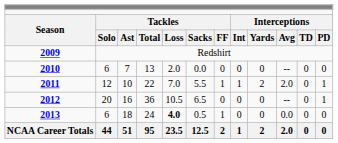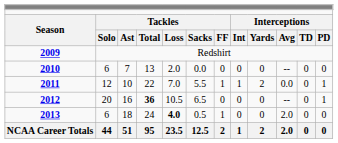 <table class=wikitable style="text-align:center;">
 <tr>
 <td ! colspan=15 style="background:gray; border:2px solid silver; color:white;"></td>
 </tr>
 <tr>
 <td ! colspan=15></td>
 </tr>
 <tr>
 <th rowspan=2>Season</th>
 <th colspan=6>Tackles</th>
 <th colspan=5>Interceptions</th>
 </tr>
 <tr>
 <th>Solo</th>
 <th>Ast</th>
 <th>Total</th>
 <th>Loss</th>
 <th>Sacks</th>
 <th>FF</th>
 <th>Int</th>
 <th>Yards</th>
 <th>Avg</th>
 <th>TD</th>
 <th>PD</th>
 </tr>
 <tr>
 <td><strong><a href='#'>2009</a></strong></td>
 <td colspan=14 style="text-align:center;">Redshirt</td>
 </tr>
 <tr>
 <td><strong><a href='#'>2010</a></strong></td>
 <td>6</td>
 <td>7</td>
 <td>13</td>
 <td>2.0</td>
 <td>0.0</td>
 <td>0</td>
 <td>0</td>
 <td>0</td>
 <td>--</td>
 <td>0</td>
 <td>0</td>
 </tr>
 <tr>
 <td><strong><a href='#'>2011</a></strong></td>
 <td>12</td>
 <td>10</td>
 <td>22</td>
 <td>7.0</td>
 <td>5.5</td>
 <td>1</td>
 <td>1</td>
 <td>2</td>
-<td>2.0</td>
+<td>0.0</td>
 <td>0</td>
 <td>1</td>
 </tr>
 <tr>
 <td><strong><a href='#'>2012</a></strong></td>
 <td>20</td>
 <td>16</td>
-<td>36</td>
+<td><strong>36</strong></td>
 <td>10.5</td>
 <td>6.5</td>
 <td>0</td>
 <td>0</td>
 <td>0</td>
 <td>--</td>
 <td>0</td>
 <td>1</td>
 </tr>
 <tr>
 <td><strong><a href='#'>2013</a></strong></td>
 <td>6</td>
 <td>18</td>
 <td>24</td>
 <td><strong>4.0</strong></td>
 <td>0.5</td>
 <td>1</td>
 <td>0</td>
 <td>0</td>
-<td>0.0</td>
+<td>2.0</td>
 <td>0</td>
 <td>0</td>
 </tr>
 <tr>
 <th>NCAA Career Totals</th>
 <th>44</th>
 <th>51</th>
 <th>95</th>
 <th>23.5</th>
 <th>12.5</th>
 <th>2</th>
 <th>1</th>
 <th>2</th>
 <th>2.0</th>
 <th>0</th>
 <th>0</th>
 </tr>
 </table>
